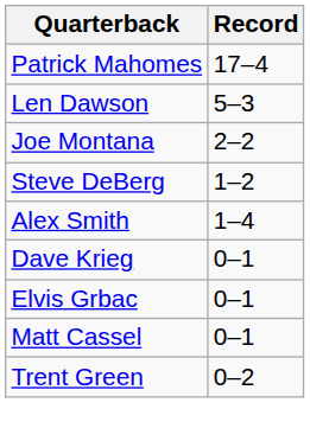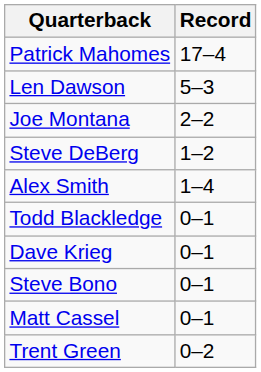 <table class="wikitable">
 <tr>
 <th>Quarterback</th>
 <th>Record</th>
 </tr>
 <tr>
 <td><a href='#'>Patrick Mahomes</a></td>
 <td>17–4</td>
 </tr>
 <tr>
 <td><a href='#'>Len Dawson</a></td>
 <td>5–3</td>
 </tr>
 <tr>
 <td><a href='#'>Joe Montana</a></td>
 <td>2–2</td>
 </tr>
 <tr>
 <td><a href='#'>Steve DeBerg</a></td>
 <td>1–2</td>
 </tr>
 <tr>
 <td><a href='#'>Alex Smith</a></td>
 <td>1–4</td>
 </tr>
 <tr>
+<td><a href='#'>Todd Blackledge</a></td>
+<td>0–1</td>
+</tr>
+<tr>
 <td><a href='#'>Dave Krieg</a></td>
 <td>0–1</td>
 </tr>
 <tr>
-<td><a href='#'>Elvis Grbac</a></td>
+<td><a href='#'>Steve Bono</a></td>
 <td>0–1</td>
 </tr>
 <tr>
 <td><a href='#'>Matt Cassel</a></td>
 <td>0–1</td>
 </tr>
 <tr>
 <td><a href='#'>Trent Green</a></td>
 <td>0–2</td>
 </tr>
 </table>
